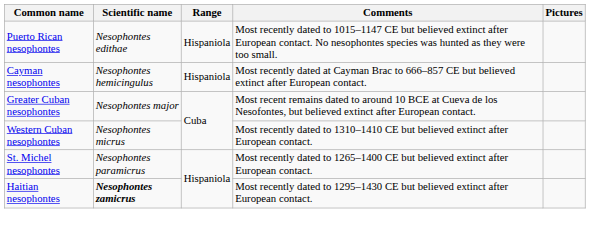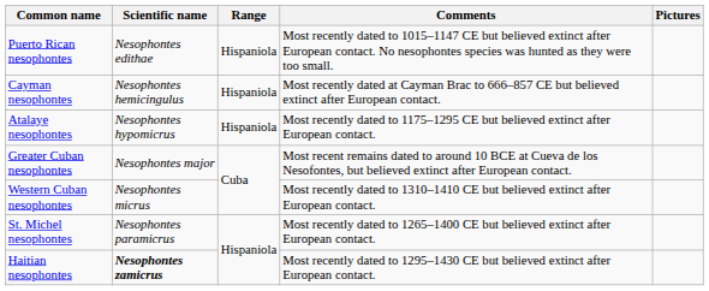 <table class="wikitable">
 <tr>
 <th>Common name</th>
 <th>Scientific name</th>
 <th>Range</th>
 <th class="unsortable">Comments</th>
 <th>Pictures</th>
 </tr>
 <tr>
 <td><a href='#'>Puerto Rican nesophontes</a></td>
 <td><em>Nesophontes edithae</em></td>
 <td>Hispaniola</td>
 <td>Most recently dated to 1015–1147 CE but believed extinct after European contact. No nesophontes species was hunted as they were too small.</td>
 <td></td>
 </tr>
 <tr>
 <td><a href='#'>Cayman nesophontes</a></td>
 <td><em>Nesophontes hemicingulus</em></td>
 <td>Hispaniola</td>
 <td>Most recently dated at Cayman Brac to 666–857 CE but believed extinct after European contact.</td>
+<td></td>
+</tr>
+<tr>
+<td><a href='#'>Atalaye nesophontes</a></td>
+<td><em>Nesophontes hypomicrus</em></td>
+<td>Hispaniola</td>
+<td>Most recently dated to 1175–1295 CE but believed extinct after European contact.</td>
 <td></td>
 </tr>
 <tr>
 <td><a href='#'>Greater Cuban nesophontes</a></td>
 <td><em>Nesophontes major</em></td>
 <td rowspan="2">Cuba</td>
 <td>Most recent remains dated to around 10 BCE at Cueva de los Nesofontes, but believed extinct after European contact.</td>
 <td></td>
 </tr>
 <tr>
 <td><a href='#'>Western Cuban nesophontes</a></td>
 <td><em>Nesophontes micrus</em></td>
 <td>Most recently dated to 1310–1410 CE but believed extinct after European contact.</td>
 <td></td>
 </tr>
 <tr>
 <td><a href='#'>St. Michel nesophontes</a></td>
 <td><em>Nesophontes paramicrus</em></td>
 <td rowspan="2">Hispaniola</td>
 <td>Most recently dated to 1265–1400 CE but believed extinct after European contact.</td>
 <td></td>
 </tr>
 <tr>
 <td><a href='#'>Haitian nesophontes</a></td>
 <td><strong><em>Nesophontes zamicrus</em></strong></td>
 <td>Most recently dated to 1295–1430 CE but believed extinct after European contact.</td>
 <td></td>
 </tr>
 </table>
